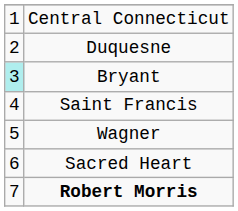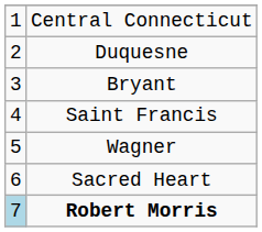 <table class="wikitable">
 <tr align="center">
 </tr>
 <tr align="center">
 <td>1</td>
 <td>Central Connecticut</td>
 </tr>
 <tr align="center">
 <td>2</td>
 <td>Duquesne</td>
 </tr>
 <tr align="center">
-<td style="background: paleturquoise;">3</td>
+<td>3</td>
 <td>Bryant</td>
 </tr>
 <tr align="center">
 <td>4</td>
 <td>Saint Francis</td>
 </tr>
 <tr align="center">
 <td>5</td>
 <td>Wagner</td>
 </tr>
 <tr align="center">
 <td>6</td>
 <td>Sacred Heart</td>
 </tr>
 <tr align="center">
-<td>7</td>
+<td style="background: lightblue;">7</td>
 <td><strong>Robert Morris</strong></td>
 </tr>
 </table>
